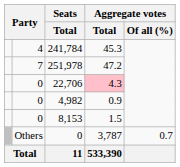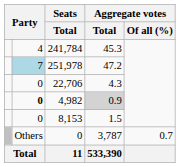 <table class="wikitable" style="text-align:right; font-size:95%;">
 <tr>
 <th colspan="2" rowspan="2">Party</th>
 <th>Seats</th>
 <th colspan="2">Aggregate votes</th>
 </tr>
 <tr>
 <th>Total</th>
 <th>Total</th>
 <th>Of all (%)</th>
 </tr>
 <tr>
 <td></td>
 <td>4</td>
 <td>241,784</td>
 <td>45.3</td>
 </tr>
 <tr>
 <td></td>
-<td>7</td>
+<td style="background: lightblue;">7</td>
 <td>251,978</td>
 <td>47.2</td>
 </tr>
 <tr>
 <td></td>
 <td>0</td>
 <td>22,706</td>
-<td style="background: pink;">4.3</td>
+<td>4.3</td>
 </tr>
 <tr>
 <td></td>
-<td>0</td>
+<td><strong>0</strong></td>
 <td>4,982</td>
-<td>0.9</td>
+<td style="background: lightgrey;">0.9</td>
 </tr>
 <tr>
 <td></td>
 <td>0</td>
 <td>8,153</td>
 <td>1.5</td>
 </tr>
 <tr>
 <td style="background:silver;"> </td>
 <td align=left>Others</td>
 <td>0</td>
 <td>3,787</td>
 <td>0.7</td>
 </tr>
 <tr>
 <th colspan="2" style="background:#f2f2f2"><strong>Total</strong></th>
 <td style="background:#f2f2f2;"><strong>11</strong></td>
 <td style="background:#f2f2f2;"><strong>533,390</strong></td>
 <td style="background:#f2f2f2;"></td>
 </tr>
 </table>
